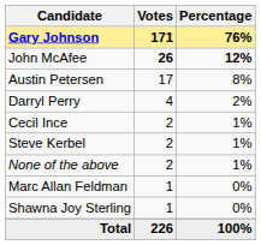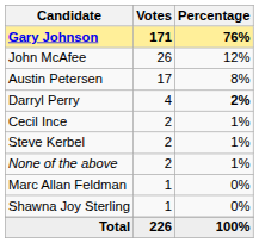 <table class="wikitable" style="text-align:right;">
 <tr>
 <th>Candidate</th>
 <th>Votes</th>
 <th>Percentage</th>
 </tr>
 <tr style="background:#ffef99;">
 <td style="text-align:left;"><strong><a href='#'>Gary Johnson</a></strong></td>
 <td><strong>171</strong></td>
 <td><strong>76%</strong></td>
 </tr>
 <tr>
 <td style="text-align:left;">John McAfee</td>
-<td><strong>26</strong></td>
-<td><strong>12%</strong></td>
+<td>26</td>
+<td>12%</td>
 </tr>
 <tr>
 <td style="text-align:left;">Austin Petersen</td>
 <td>17</td>
 <td>8%</td>
 </tr>
 <tr>
 <td style="text-align:left;">Darryl Perry</td>
 <td>4</td>
-<td>2%</td>
+<td><strong>2%</strong></td>
 </tr>
 <tr>
 <td style="text-align:left;">Cecil Ince</td>
 <td>2</td>
 <td>1%</td>
 </tr>
 <tr>
 <td style="text-align:left;">Steve Kerbel</td>
 <td>2</td>
 <td>1%</td>
 </tr>
 <tr>
 <td style="text-align:left;"><em>None of the above</em></td>
 <td>2</td>
 <td>1%</td>
 </tr>
 <tr>
 <td style="text-align:left;">Marc Allan Feldman</td>
 <td>1</td>
 <td>0%</td>
 </tr>
 <tr>
 <td style="text-align:left;">Shawna Joy Sterling</td>
 <td>1</td>
 <td>0%</td>
 </tr>
 <tr>
 </tr>
 <tr style="background:#eee;">
 <td style="margin-right:0.50px"><strong>Total</strong></td>
 <td style="margin-right:0.50px"><strong>226</strong></td>
 <td style="margin-right:0.50px"><strong>100%</strong></td>
 </tr>
 </table>
